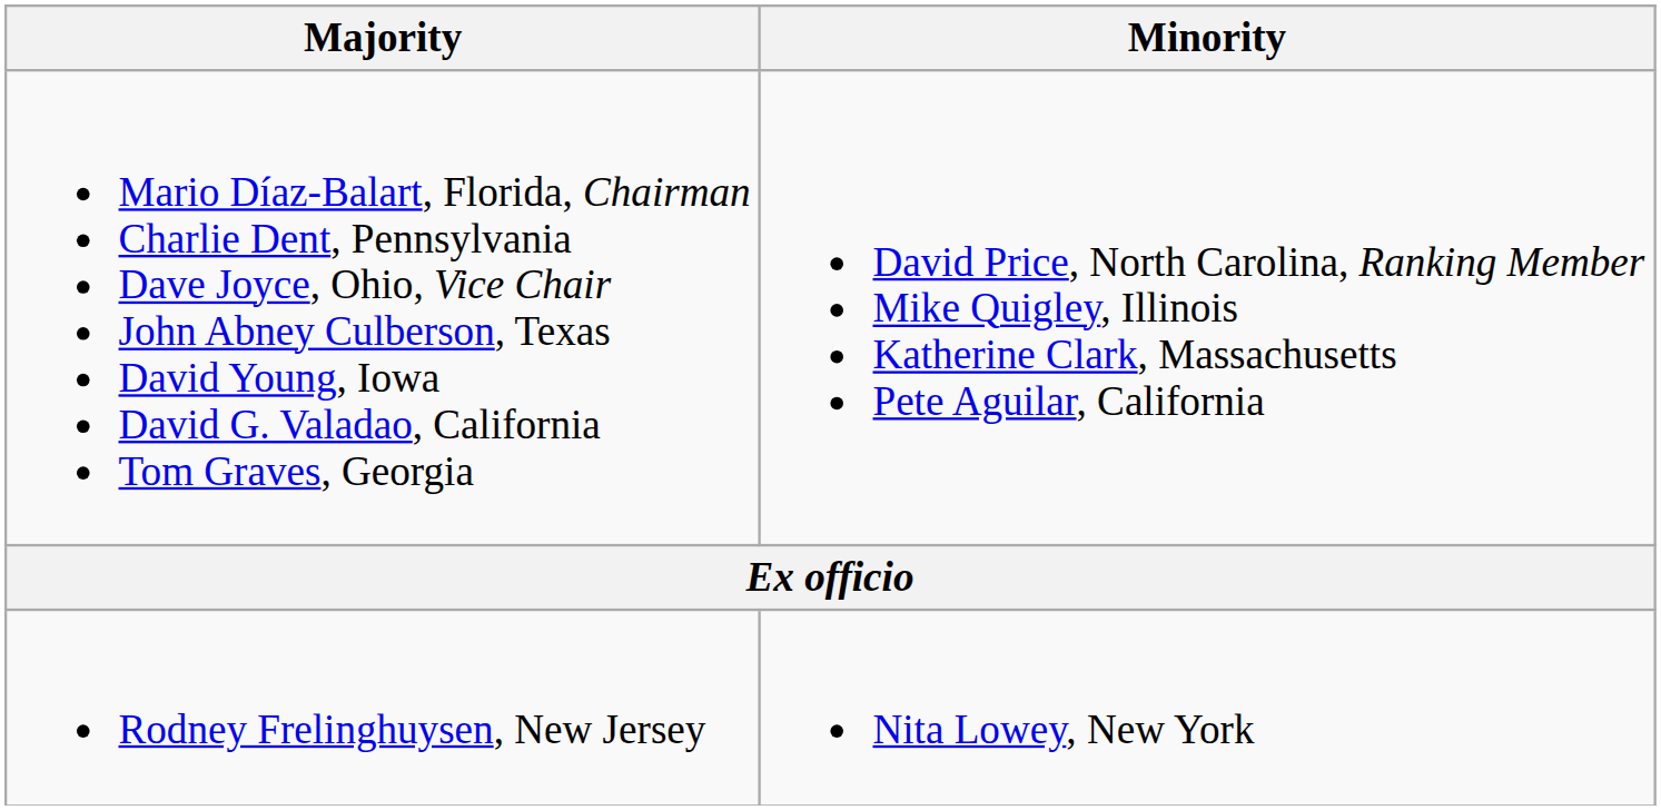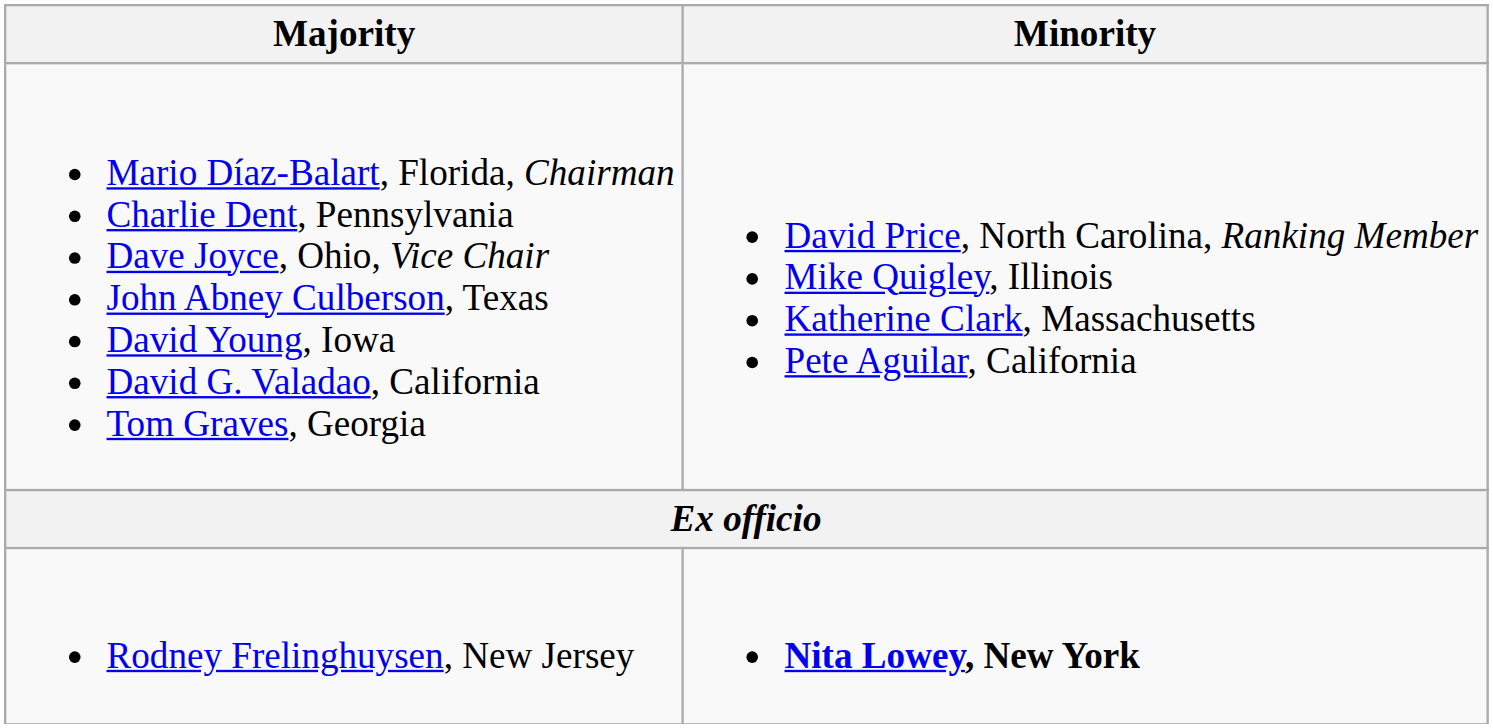 <table class=wikitable>
 <tr>
 <th>Majority</th>
 <th>Minority</th>
 </tr>
 <tr>
 <td><br><ul><li><a href='#'>Mario Díaz-Balart</a>, Florida, <em>Chairman</em></li><li><a href='#'>Charlie Dent</a>, Pennsylvania</li><li><a href='#'>Dave Joyce</a>, Ohio, <em>Vice Chair</em></li><li><a href='#'>John Abney Culberson</a>, Texas</li><li><a href='#'>David Young</a>, Iowa</li><li><a href='#'>David G. Valadao</a>, California</li><li><a href='#'>Tom Graves</a>, Georgia</li></ul></td>
 <td><br><ul><li><a href='#'>David Price</a>, North Carolina, <em>Ranking Member</em></li><li><a href='#'>Mike Quigley</a>, Illinois</li><li><a href='#'>Katherine Clark</a>, Massachusetts</li><li><a href='#'>Pete Aguilar</a>, California</li></ul></td>
 </tr>
 <tr>
 <th colspan=2><em>Ex officio</em></th>
 </tr>
 <tr>
 <td><br><ul><li><a href='#'>Rodney Frelinghuysen</a>, New Jersey</li></ul></td>
-<td><br><ul><li><a href='#'>Nita Lowey</a>, New York</li></ul></td>
+<td><strong><br><ul><li><a href='#'>Nita Lowey</a>, New York</li></ul></strong></td>
 </tr>
 </table>
